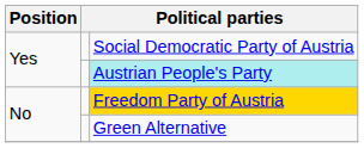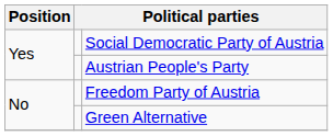 <table class=wikitable>
 <tr>
 <th>Position</th>
 <th colspan=2>Political parties</th>
 </tr>
 <tr>
 <td rowspan="2">Yes</td>
 <td style="background-color: "></td>
 <td><a href='#'>Social Democratic Party of Austria</a></td>
 </tr>
 <tr>
 <td style="background-color: "></td>
-<td style="background: paleturquoise;"><a href='#'>Austrian People's Party</a></td>
+<td><a href='#'>Austrian People's Party</a></td>
 </tr>
 <tr>
 <td rowspan="2">No</td>
 <td style="background-color: "></td>
-<td style="background: gold;"><a href='#'>Freedom Party of Austria</a></td>
+<td><a href='#'>Freedom Party of Austria</a></td>
 </tr>
 <tr>
 <td style="background-color: "></td>
 <td><a href='#'>Green Alternative</a></td>
 </tr>
 <tr>
 </tr>
 </table>
